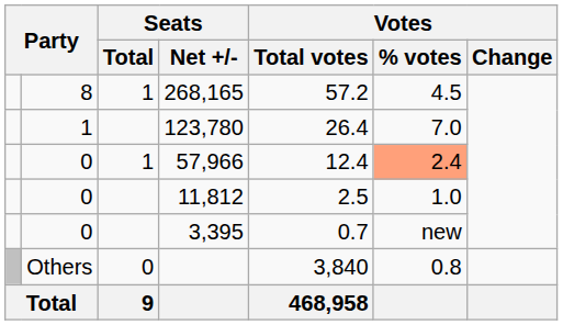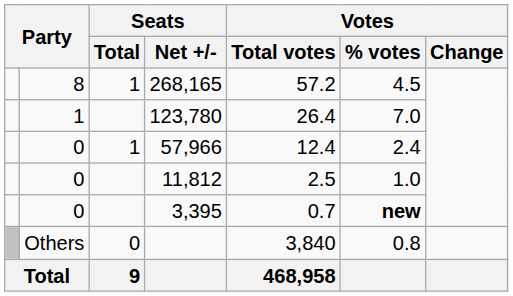 <table class="wikitable" style="text-align:right; font-size:95%;">
 <tr>
 <th colspan="2" rowspan="2">Party</th>
 <th colspan="2">Seats</th>
 <th colspan="3">Votes</th>
 </tr>
 <tr>
 <th>Total</th>
 <th>Net +/-</th>
 <th>Total votes</th>
 <th>% votes</th>
 <th>Change</th>
 </tr>
 <tr>
 <td></td>
 <td>8</td>
 <td>1</td>
 <td>268,165</td>
 <td>57.2</td>
 <td>4.5</td>
 </tr>
 <tr>
 <td></td>
 <td>1</td>
 <td></td>
 <td>123,780</td>
 <td>26.4</td>
 <td>7.0</td>
 </tr>
 <tr>
 <td></td>
 <td>0</td>
 <td>1</td>
 <td>57,966</td>
 <td>12.4</td>
-<td style="background: lightsalmon;">2.4</td>
+<td>2.4</td>
 </tr>
 <tr>
 <td></td>
 <td>0</td>
 <td></td>
 <td>11,812</td>
 <td>2.5</td>
 <td>1.0</td>
 </tr>
 <tr>
 <td></td>
 <td>0</td>
 <td></td>
 <td>3,395</td>
 <td>0.7</td>
-<td>new</td>
+<td><strong>new</strong></td>
 </tr>
 <tr>
 <td style="background:silver;"> </td>
 <td align=left>Others</td>
 <td>0</td>
 <td></td>
 <td>3,840</td>
 <td>0.8</td>
 <td></td>
 </tr>
 <tr>
 <th colspan="2" style="background:#f2f2f2">Total</th>
 <td style="background:#f2f2f2;"><strong>9</strong></td>
 <td style="background:#f2f2f2;"></td>
 <td style="background:#f2f2f2;"><strong>468,958</strong></td>
 <td style="background:#f2f2f2;"></td>
 <td style="background:#f2f2f2;"></td>
 </tr>
 </table>
